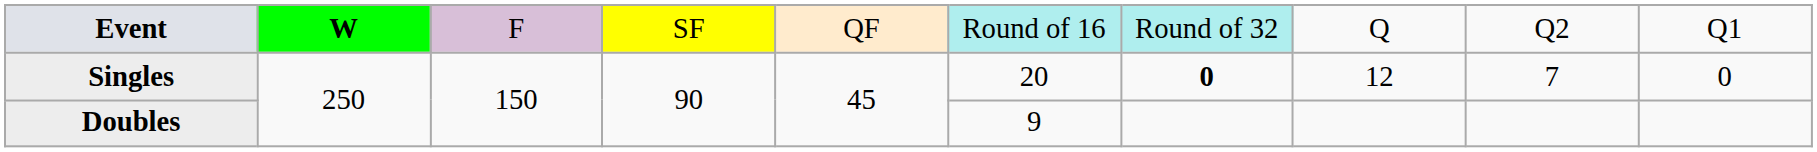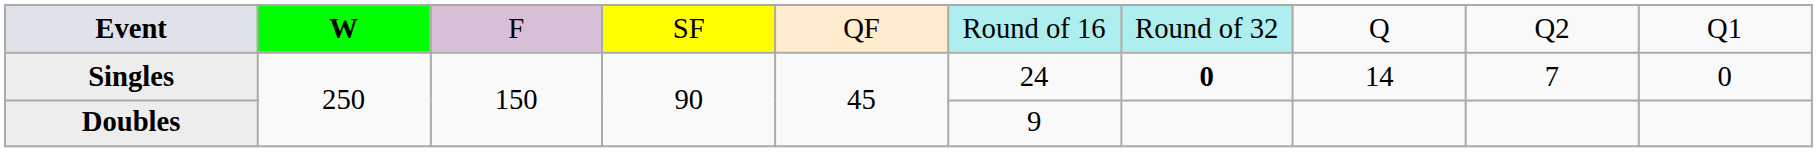 <table class="wikitable" style=font-size:90%;text-align:center>
 <tr>
 <td style="width:120px; background:#dfe2e9;"><strong>Event</strong></td>
 <td style="width:80px; background:lime;"><strong>W</strong></td>
 <td style="width:80px; background:thistle;">F</td>
 <td style="width:80px; background:#ff0;">SF</td>
 <td style="width:80px; background:#ffebcd;">QF</td>
 <td style="width:80px; background:#afeeee;">Round of 16</td>
 <td style="width:80px; background:#afeeee;">Round of 32</td>
 <td style="width:80px">Q</td>
 <td style="width:80px">Q2</td>
 <td style="width:80px">Q1</td>
 </tr>
 <tr>
 <th style="background:#ededed;">Singles</th>
 <td rowspan=2>250</td>
 <td rowspan=2>150</td>
 <td rowspan=2>90</td>
 <td rowspan=2>45</td>
-<td>20</td>
+<td>24</td>
 <td><strong>0</strong></td>
-<td>12</td>
+<td>14</td>
 <td>7</td>
 <td>0</td>
 </tr>
 <tr>
 <th style="background:#ededed;">Doubles</th>
 <td>9</td>
 <td></td>
 <td></td>
 <td></td>
 <td></td>
 </tr>
 </table>
